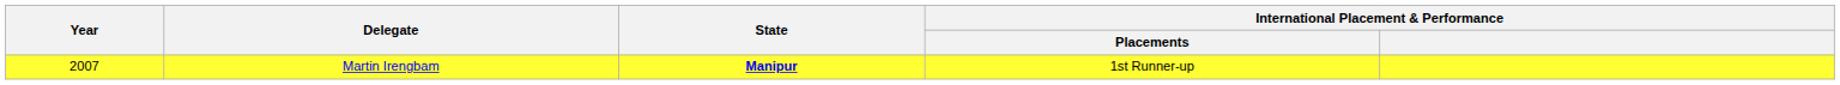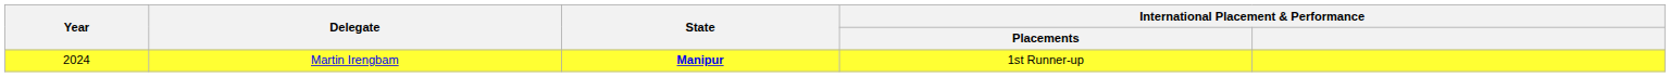 <table class="wikitable" style="text-align:center; line-height:20px; font-size:90%; width:100%;">
 <tr>
 <th rowspan="2"  width=100px>Year</th>
 <th rowspan="2"  width=300px>Delegate</th>
 <th rowspan="2"  width=200px>State</th>
 <th colspan="2"  width=100px>International Placement & Performance</th>
 </tr>
 <tr>
 <th width=300px>Placements</th>
 <th width=300px></th>
 </tr>
 <tr style="background-color:#FFFF33;">
-<td>2007</td>
+<td>2024</td>
 <td><a href='#'>Martin Irengbam</a></td>
 <td><strong><a href='#'>Manipur</a></strong></td>
 <td>1st Runner-up</td>
 <td style="background:;"></td>
 </tr>
 </table>
